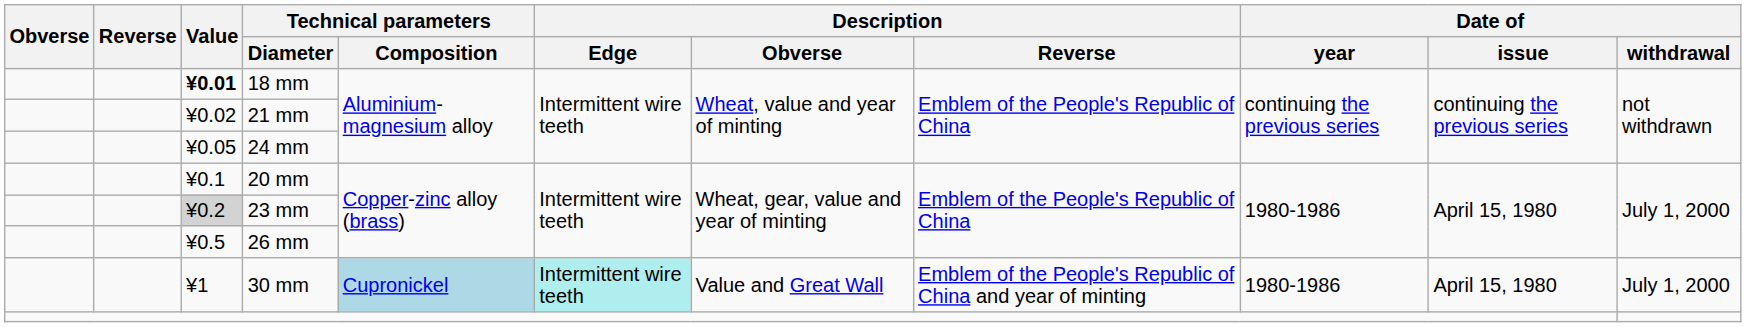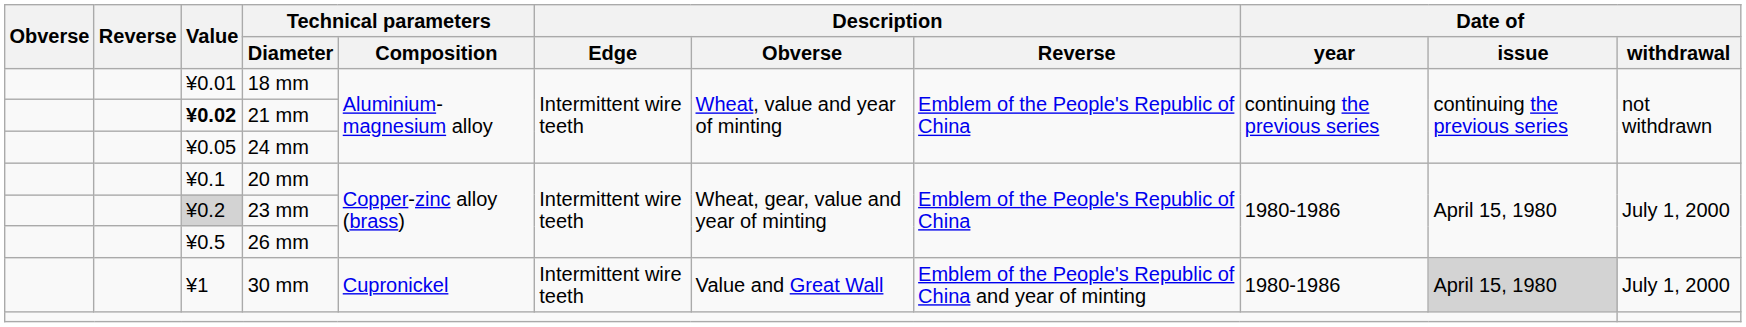 <table class="wikitable" style="font-size: 90%">
 <tr>
 <th rowspan="2">Obverse</th>
 <th rowspan="2">Reverse</th>
 <th rowspan="2">Value</th>
 <th colspan="2">Technical parameters</th>
 <th colspan="3">Description</th>
 <th colspan="3">Date of</th>
 </tr>
 <tr>
 <th>Diameter</th>
 <th>Composition</th>
 <th>Edge</th>
 <th>Obverse</th>
 <th>Reverse</th>
 <th>year</th>
 <th>issue</th>
 <th>withdrawal</th>
 </tr>
 <tr>
 <td></td>
 <td></td>
-<td><strong>¥0.01</strong></td>
+<td>¥0.01</td>
 <td>18 mm</td>
 <td rowspan="3"><a href='#'>Aluminium</a>-<a href='#'>magnesium</a> alloy</td>
 <td rowspan="3">Intermittent wire teeth</td>
 <td rowspan="3"><a href='#'>Wheat</a>, value and year of minting</td>
 <td rowspan="3"><a href='#'>Emblem of the People's Republic of China</a></td>
 <td rowspan="3">continuing <a href='#'>the previous series</a></td>
 <td rowspan="3">continuing <a href='#'>the previous series</a></td>
 <td rowspan="3">not withdrawn</td>
 </tr>
 <tr>
 <td></td>
 <td></td>
-<td>¥0.02</td>
+<td><strong>¥0.02</strong></td>
 <td>21 mm</td>
 </tr>
 <tr>
 <td></td>
 <td></td>
 <td>¥0.05</td>
 <td>24 mm</td>
 </tr>
 <tr>
 <td></td>
 <td></td>
 <td>¥0.1</td>
 <td>20 mm</td>
 <td rowspan="3"><a href='#'>Copper</a>-<a href='#'>zinc</a> alloy (<a href='#'>brass</a>)</td>
 <td rowspan="3">Intermittent wire teeth</td>
 <td rowspan="3">Wheat, gear, value and year of minting</td>
 <td rowspan="3"><a href='#'>Emblem of the People's Republic of China</a></td>
 <td rowspan="3">1980-1986</td>
 <td rowspan="3">April 15, 1980</td>
 <td rowspan="3">July 1, 2000</td>
 </tr>
 <tr>
 <td></td>
 <td></td>
 <td style="background: lightgrey;">¥0.2</td>
 <td>23 mm</td>
 </tr>
 <tr>
 <td></td>
 <td></td>
 <td>¥0.5</td>
 <td>26 mm</td>
 </tr>
 <tr>
 <td></td>
 <td></td>
 <td>¥1</td>
 <td>30 mm</td>
-<td style="background: lightblue;"><a href='#'>Cupronickel</a></td>
-<td style="background: paleturquoise;">Intermittent wire teeth</td>
+<td><a href='#'>Cupronickel</a></td>
+<td>Intermittent wire teeth</td>
 <td>Value and <a href='#'>Great Wall</a></td>
 <td><a href='#'>Emblem of the People's Republic of China</a> and year of minting</td>
 <td>1980-1986</td>
-<td>April 15, 1980</td>
+<td style="background: lightgrey;">April 15, 1980</td>
 <td>July 1, 2000</td>
 </tr>
 <tr>
 <td colspan="10"></td>
 </tr>
 </table>
